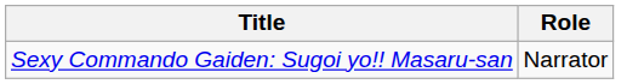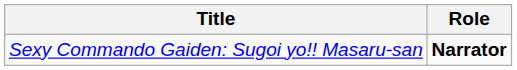 <table class="wikitable">
 <tr>
 <th>Title</th>
 <th>Role</th>
 </tr>
 <tr>
 <td><em><a href='#'>Sexy Commando Gaiden: Sugoi yo!! Masaru-san</a></em></td>
-<td>Narrator</td>
+<td><strong>Narrator</strong></td>
 </tr>
 </table>
